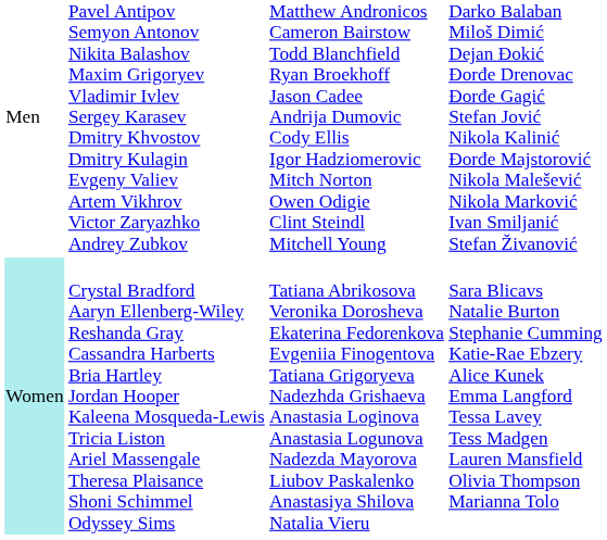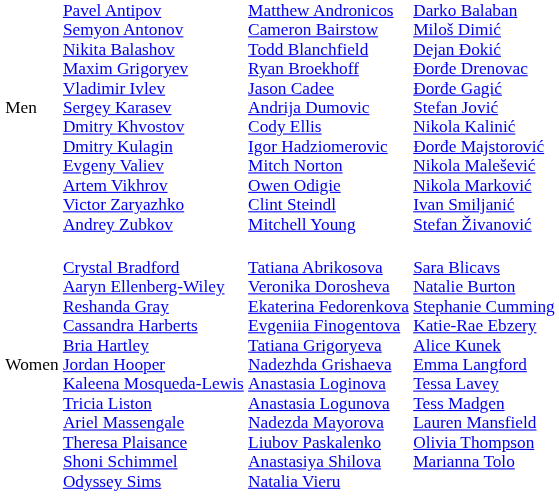 <table>
 <tr>
 <td>Men<br></td>
 <td><br><a href='#'>Pavel Antipov</a><br> <a href='#'>Semyon Antonov</a><br> <a href='#'>Nikita Balashov</a><br> <a href='#'>Maxim Grigoryev</a><br> <a href='#'>Vladimir Ivlev</a><br> <a href='#'>Sergey Karasev</a><br> <a href='#'>Dmitry Khvostov</a><br> <a href='#'>Dmitry Kulagin</a><br> <a href='#'>Evgeny Valiev</a><br> <a href='#'>Artem Vikhrov</a><br> <a href='#'>Victor Zaryazhko</a><br> <a href='#'>Andrey Zubkov</a></td>
 <td><br><a href='#'>Matthew Andronicos</a><br> <a href='#'>Cameron Bairstow</a><br> <a href='#'>Todd Blanchfield</a><br> <a href='#'>Ryan Broekhoff</a><br> <a href='#'>Jason Cadee</a><br> <a href='#'>Andrija Dumovic</a><br> <a href='#'>Cody Ellis</a><br> <a href='#'>Igor Hadziomerovic</a><br> <a href='#'>Mitch Norton</a><br> <a href='#'>Owen Odigie</a><br> <a href='#'>Clint Steindl</a><br> <a href='#'>Mitchell Young</a></td>
 <td><br><a href='#'>Darko Balaban</a><br> <a href='#'>Miloš Dimić</a><br> <a href='#'>Dejan Đokić</a><br> <a href='#'>Đorđe Drenovac</a><br> <a href='#'>Đorđe Gagić</a><br> <a href='#'>Stefan Jović</a><br> <a href='#'>Nikola Kalinić</a><br> <a href='#'>Đorđe Majstorović</a><br> <a href='#'>Nikola Malešević</a><br> <a href='#'>Nikola Marković</a><br> <a href='#'>Ivan Smiljanić</a><br> <a href='#'>Stefan Živanović</a></td>
 </tr>
 <tr>
-<td style="background: paleturquoise;">Women<br></td>
+<td>Women<br></td>
 <td><br><a href='#'>Crystal Bradford</a><br><a href='#'>Aaryn Ellenberg-Wiley</a><br><a href='#'>Reshanda Gray</a><br><a href='#'>Cassandra Harberts</a><br><a href='#'>Bria Hartley</a><br><a href='#'>Jordan Hooper</a><br><a href='#'>Kaleena Mosqueda-Lewis</a><br><a href='#'>Tricia Liston</a><br><a href='#'>Ariel Massengale</a><br><a href='#'>Theresa Plaisance</a><br><a href='#'>Shoni Schimmel</a><br><a href='#'>Odyssey Sims</a></td>
 <td><br><a href='#'>Tatiana Abrikosova</a><br><a href='#'>Veronika Dorosheva</a><br><a href='#'>Ekaterina Fedorenkova</a><br> <a href='#'>Evgeniia Finogentova</a><br><a href='#'>Tatiana Grigoryeva</a><br><a href='#'>Nadezhda Grishaeva</a><br><a href='#'>Anastasia Loginova</a><br> <a href='#'>Anastasia Logunova</a><br> <a href='#'>Nadezda Mayorova</a><br> <a href='#'>Liubov Paskalenko</a><br><a href='#'>Anastasiya Shilova</a><br><a href='#'>Natalia Vieru</a></td>
 <td><br><a href='#'>Sara Blicavs</a><br><a href='#'>Natalie Burton</a><br><a href='#'>Stephanie Cumming</a><br><a href='#'>Katie-Rae Ebzery</a><br> <a href='#'>Alice Kunek</a><br><a href='#'>Emma Langford</a><br><a href='#'>Tessa Lavey</a><br><a href='#'>Tess Madgen</a><br><a href='#'>Lauren Mansfield</a><br><a href='#'>Olivia Thompson</a><br><a href='#'>Marianna Tolo</a><br><br></td>
 </tr>
 </table>
